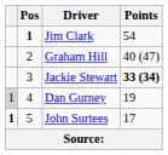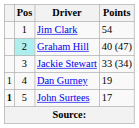 <table class="wikitable" style="font-size: 95%;">
 <tr>
 <th></th>
 <th>Pos</th>
 <th>Driver</th>
 <th>Points</th>
 </tr>
 <tr>
 <td align="left"></td>
-<td align="center"><strong>1</strong></td>
+<td align="center">1</td>
 <td> <a href='#'>Jim Clark</a></td>
 <td align="left">54</td>
 </tr>
 <tr>
 <td align="left"></td>
-<td align="center">2</td>
+<td align="center" style="background: paleturquoise;">2</td>
 <td> <a href='#'>Graham Hill</a></td>
 <td align="left">40 (47)</td>
 </tr>
 <tr>
 <td align="left"></td>
 <td align="center">3</td>
 <td> <a href='#'>Jackie Stewart</a></td>
-<td align="left"><strong>33 (34)</strong></td>
+<td align="left">33 (34)</td>
 </tr>
 <tr>
-<td align="left" style="background: lightgrey;"> 1</td>
+<td align="left"> 1</td>
 <td align="center">4</td>
 <td> <a href='#'>Dan Gurney</a></td>
 <td align="left">19</td>
 </tr>
 <tr>
 <td align="left"><strong> 1</strong></td>
 <td align="center">5</td>
 <td> <a href='#'>John Surtees</a></td>
 <td align="left">17</td>
 </tr>
 <tr>
 <th colspan=4>Source:</th>
 </tr>
 </table>
